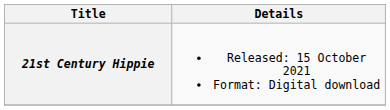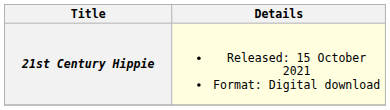 <table class="wikitable plainrowheaders" style="text-align:center;">
 <tr>
 <th scope="col" style="width:14em;">Title</th>
 <th scope="col" style="width:18em;">Details</th>
 </tr>
 <tr>
 <th scope="row"><em>21st Century Hippie</em></th>
-<td><br><ul><li>Released: 15 October 2021</li><li>Format: Digital download</li></ul></td>
+<td style="background: lightyellow;"><br><ul><li>Released: 15 October 2021</li><li>Format: Digital download</li></ul></td>
 </tr>
 <tr>
 </tr>
 </table>
